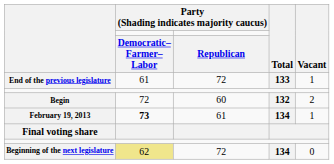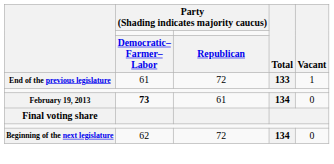 <table class=wikitable style="text-align:center">
 <tr style="vertical-align:bottom;">
 <th rowspan=3></th>
 <th colspan=2>Party <div>(Shading indicates majority caucus)</div></th>
 <th rowspan=3>Total</th>
 <th rowspan=3>Vacant</th>
 </tr>
 <tr style="height:5px">
 <td style="background-color:"></td>
 <td style="background-color:"></td>
 </tr>
 <tr>
 <th width=60><a href='#'>Democratic–Farmer–Labor</a></th>
 <th><a href='#'>Republican</a></th>
 </tr>
 <tr>
 <th nowrap style="font-size:80%">End of the <a href='#'>previous legislature</a></th>
 <td>61</td>
 <td>72</td>
 <th>133</th>
 <td>1</td>
 </tr>
 <tr>
 <td colspan=5></td>
 </tr>
 <tr>
-<th nowrap style="font-size:80%">Begin</th>
-<td>72</td>
-<td>60</td>
-<th>132</th>
-<td>2</td>
-</tr>
-<tr>
 <th nowrap style="font-size:80%">February 19, 2013</th>
 <td><strong>73</strong></td>
 <td>61</td>
 <th>134</th>
-<td>1</td>
+<td>0</td>
 </tr>
 <tr>
 <th>Final voting share</th>
 <th></th>
 <th></th>
 <th colspan=2></th>
 </tr>
 <tr>
 <td colspan=5></td>
 </tr>
 <tr>
 <th nowrap style="font-size:80%">Beginning of the <a href='#'>next legislature</a></th>
-<td style="background: khaki;">62</td>
+<td>62</td>
 <td>72</td>
 <th>134</th>
 <td>0</td>
 </tr>
 </table>
